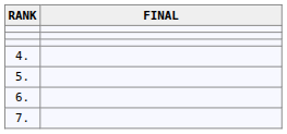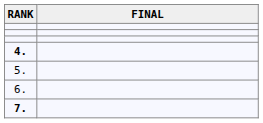 <table cellpadding="3" cellspacing="0" border="1" style="background:#f7f8ff; font-size:92%; border:gray solid 1,5px; border-collapse:collapse;">
 <tr style="background:#efefef;">
 <th>RANK</th>
 <th style="text-align:center; width:20em;">FINAL</th>
 </tr>
 <tr>
 <td style="text-align:center;"></td>
 <td></td>
 </tr>
 <tr>
 <td style="text-align:center;"></td>
 <td></td>
 </tr>
 <tr>
 <td style="text-align:center;"></td>
 <td></td>
 </tr>
 <tr>
-<td style="text-align:center;">4.</td>
+<td style="text-align:center;"><strong>4.</strong></td>
 <td></td>
 </tr>
 <tr>
 <td style="text-align:center;">5.</td>
 <td></td>
 </tr>
 <tr>
 <td style="text-align:center;">6.</td>
 <td></td>
 </tr>
 <tr>
-<td style="text-align:center;">7.</td>
+<td style="text-align:center;"><strong>7.</strong></td>
 <td></td>
 </tr>
 </table>
